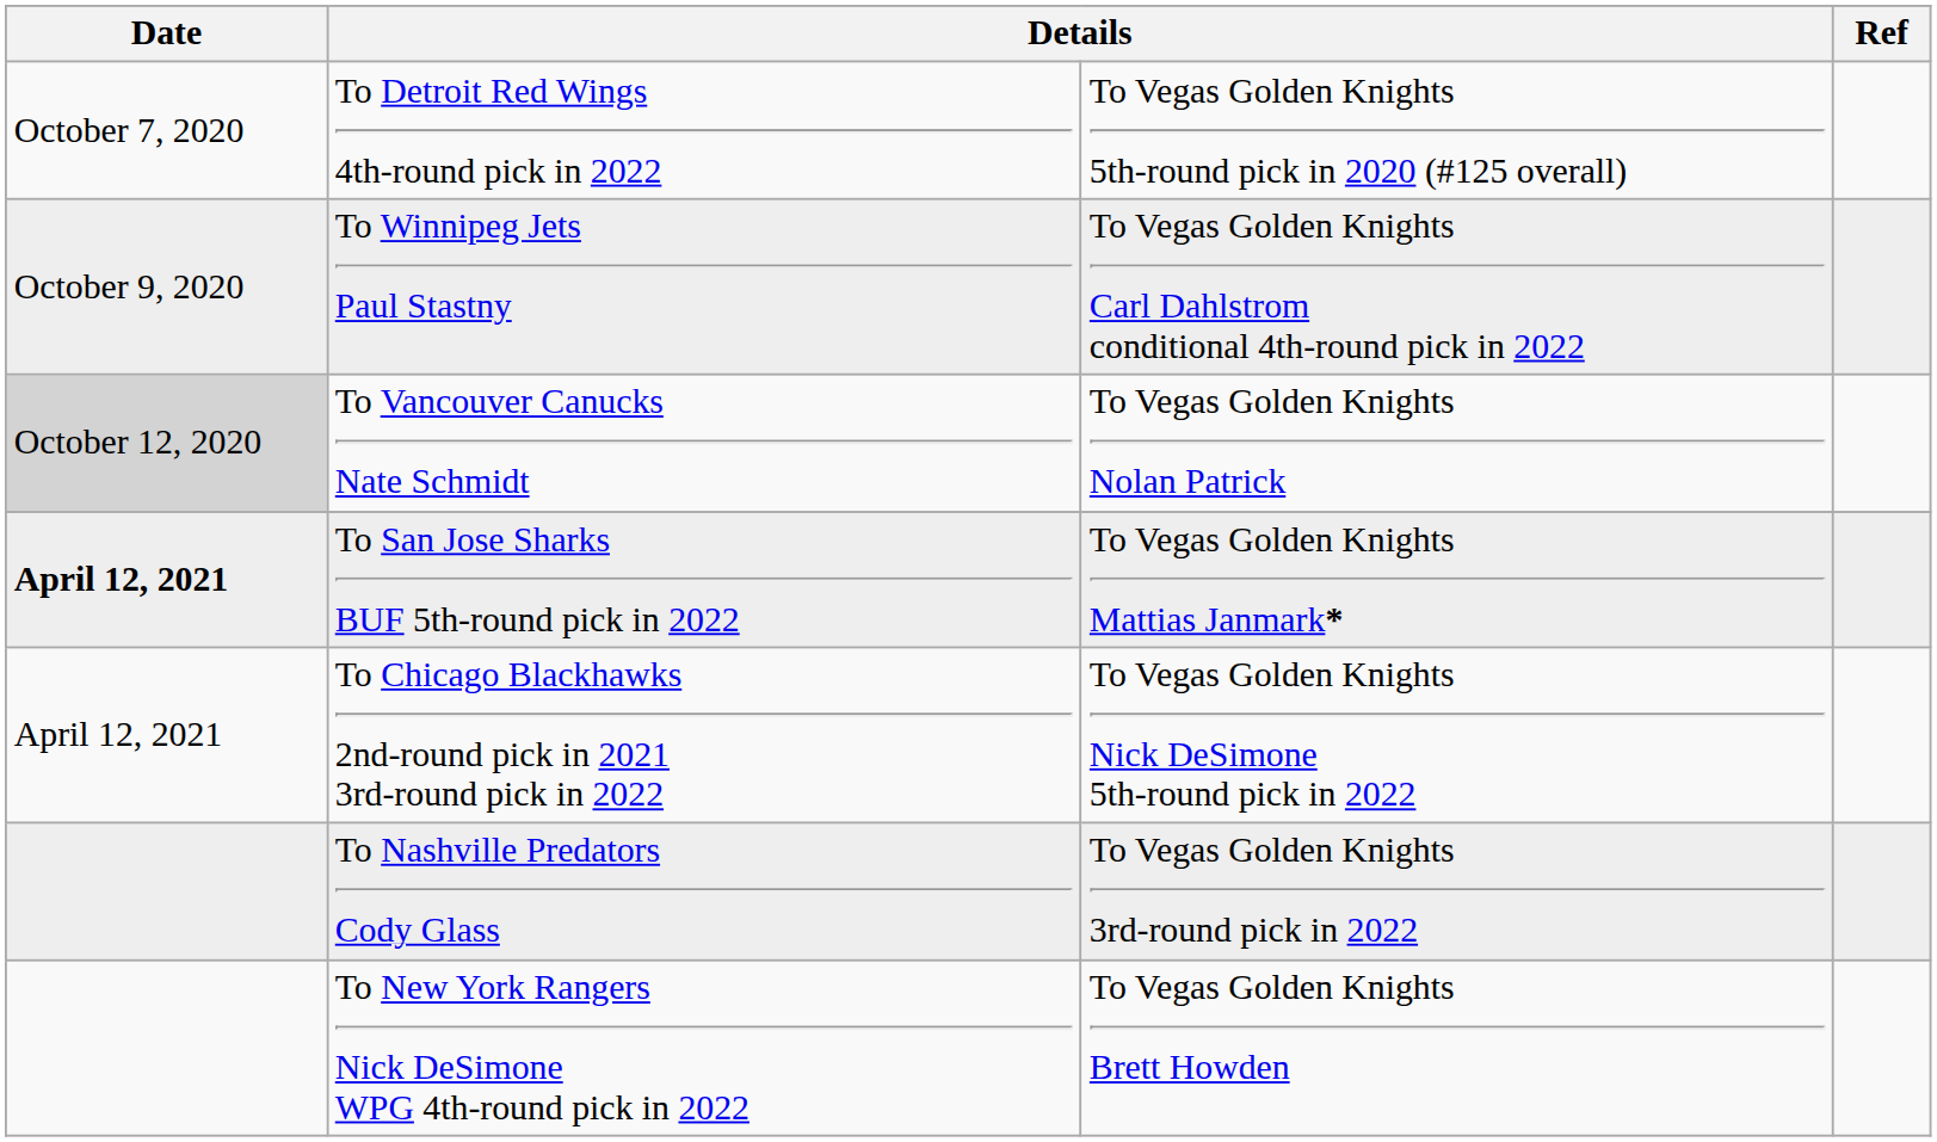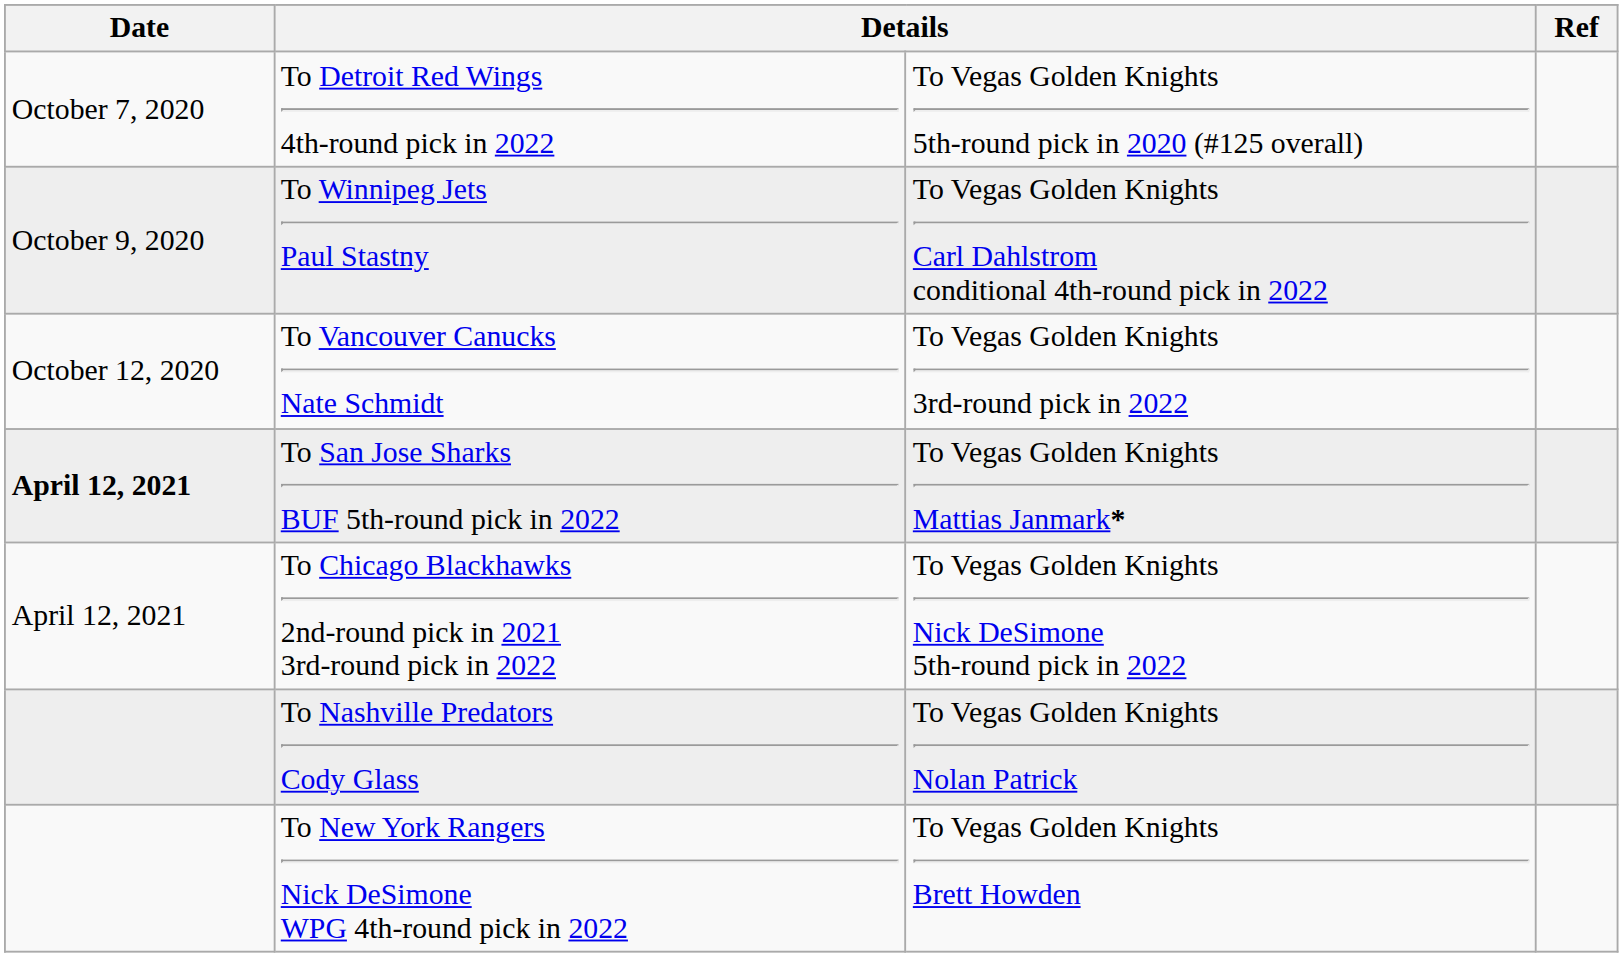 <table class="wikitable">
 <tr>
 <th style="width: 10em;">Date</th>
 <th colspan=2>Details</th>
 <th style="width: 2.5em;">Ref</th>
 </tr>
 <tr>
 <td>October 7, 2020</td>
 <td valign="top">To <a href='#'>Detroit Red Wings</a><hr>4th-round pick in <a href='#'>2022</a></td>
 <td valign="top">To Vegas Golden Knights<hr>5th-round pick in <a href='#'>2020</a> (#125 overall)</td>
 <td></td>
 </tr>
 <tr bgcolor="eeeeee">
 <td>October 9, 2020</td>
 <td valign="top">To <a href='#'>Winnipeg Jets</a><hr><a href='#'>Paul Stastny</a></td>
 <td valign="top">To Vegas Golden Knights<hr><a href='#'>Carl Dahlstrom</a><br><span>conditional</span> 4th-round pick in <a href='#'>2022</a></td>
 <td></td>
 </tr>
 <tr>
-<td style="background: lightgrey;">October 12, 2020</td>
+<td>October 12, 2020</td>
 <td valign="top">To <a href='#'>Vancouver Canucks</a><hr><a href='#'>Nate Schmidt</a></td>
-<td style="width: 25em; vertical-align:top">To Vegas Golden Knights<hr><a href='#'>Nolan Patrick</a></td>
+<td valign="top">To Vegas Golden Knights<hr>3rd-round pick in <a href='#'>2022</a></td>
 <td></td>
 </tr>
 <tr bgcolor="eeeeee">
 <td><strong>April 12, 2021</strong></td>
 <td valign="top">To <a href='#'>San Jose Sharks</a><hr><a href='#'>BUF</a> 5th-round pick in <a href='#'>2022</a></td>
 <td valign="top">To Vegas Golden Knights<hr><a href='#'>Mattias Janmark</a><span><strong>*</strong></span></td>
 <td></td>
 </tr>
 <tr>
 <td>April 12, 2021</td>
 <td valign="top">To <a href='#'>Chicago Blackhawks</a><hr>2nd-round pick in <a href='#'>2021</a><br>3rd-round pick in <a href='#'>2022</a></td>
 <td valign="top">To Vegas Golden Knights<hr><a href='#'>Nick DeSimone</a><br>5th-round pick in <a href='#'>2022</a></td>
 <td></td>
 </tr>
 <tr style="background:#eeeeee">
 <td></td>
 <td style="width: 25em; vertical-align:top">To <a href='#'>Nashville Predators</a><hr><a href='#'>Cody Glass</a></td>
-<td valign="top">To Vegas Golden Knights<hr>3rd-round pick in <a href='#'>2022</a></td>
+<td style="width: 25em; vertical-align:top">To Vegas Golden Knights<hr><a href='#'>Nolan Patrick</a></td>
 <td></td>
 </tr>
 <tr>
 <td></td>
 <td style="vertical-align:top">To <a href='#'>New York Rangers</a><hr><a href='#'>Nick DeSimone</a><br><a href='#'>WPG</a> 4th-round pick in <a href='#'>2022</a></td>
 <td style="vertical-align:top">To Vegas Golden Knights<hr><a href='#'>Brett Howden</a></td>
 <td></td>
 </tr>
 </table>
